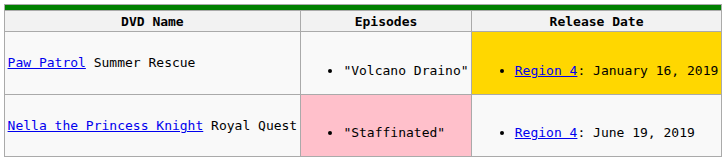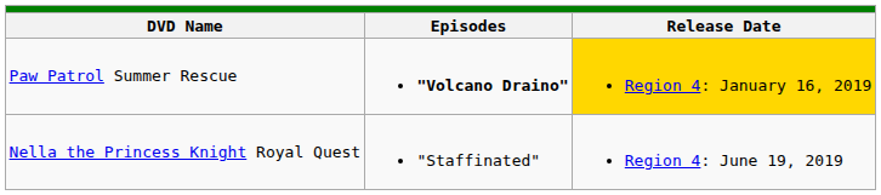 <table class="wikitable" border="1">
 <tr>
 <td colspan="4" style="background:green; color:yellow; font-size:100%" align="center"></td>
 </tr>
 <tr>
 <th>DVD Name</th>
 <th>Episodes</th>
 <th>Release Date</th>
 </tr>
 <tr>
 <td><a href='#'>Paw Patrol</a> Summer Rescue</td>
-<td><br><ul><li>"Volcano Draino"</li></ul></td>
+<td><strong><br><ul><li>"Volcano Draino"</li></ul></strong></td>
 <td style="background: gold;"><br><ul><li><a href='#'>Region 4</a>: January 16, 2019</li></ul></td>
 </tr>
 <tr>
 <td><a href='#'>Nella the Princess Knight</a> Royal Quest</td>
-<td style="background: pink;"><br><ul><li>"Staffinated"</li></ul></td>
+<td><br><ul><li>"Staffinated"</li></ul></td>
 <td><br><ul><li><a href='#'>Region 4</a>: June 19, 2019</li></ul></td>
 </tr>
 </table>
